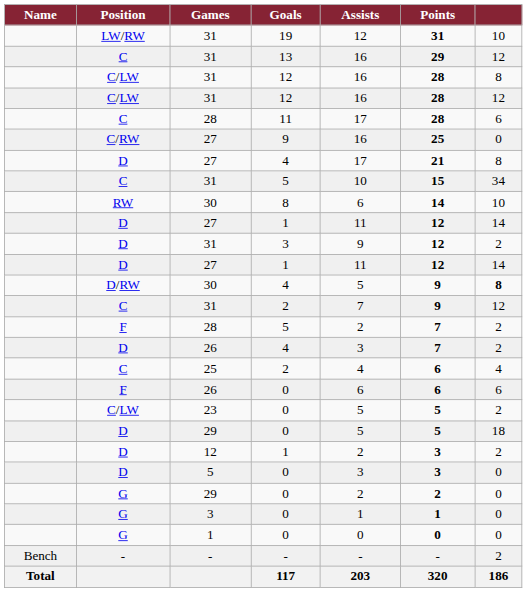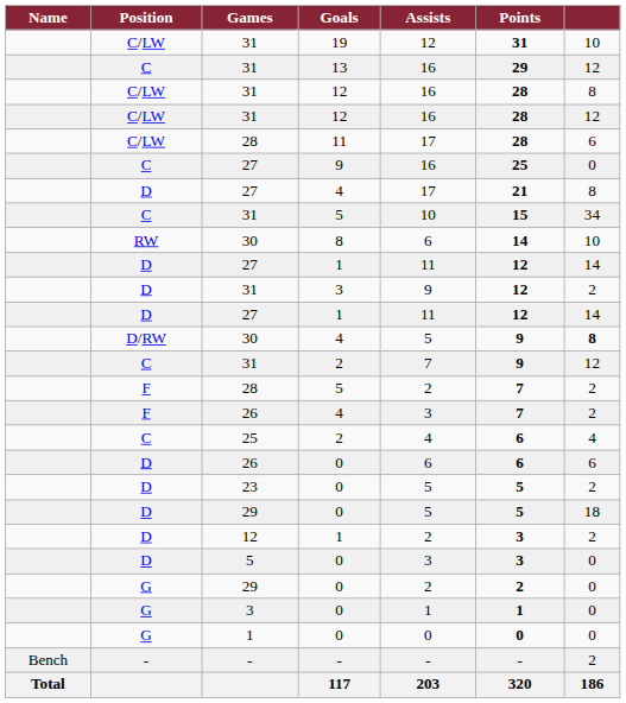 <table class="wikitable sortable" width ="50%">
 <tr align="center">
 <th style="color:white; background:#862334; ">Name</th>
 <th style="color:white; background:#862334; ">Position</th>
 <th style="color:white; background:#862334; ">Games</th>
 <th style="color:white; background:#862334; ">Goals</th>
 <th style="color:white; background:#862334; ">Assists</th>
 <th style="color:white; background:#862334; ">Points</th>
 <th style="color:white; background:#862334; "><a href='#'></a></th>
 </tr>
 <tr align="center" bgcolor="">
 <td></td>
-<td><a href='#'>LW</a>/<a href='#'>RW</a></td>
+<td><a href='#'>C</a>/<a href='#'>LW</a></td>
 <td>31</td>
 <td>19</td>
 <td>12</td>
 <td><strong>31</strong></td>
 <td>10</td>
 </tr>
 <tr align="center" bgcolor="f0f0f0">
 <td></td>
 <td><a href='#'>C</a></td>
 <td>31</td>
 <td>13</td>
 <td>16</td>
 <td><strong>29</strong></td>
 <td>12</td>
 </tr>
 <tr align="center" bgcolor="">
 <td></td>
 <td><a href='#'>C</a>/<a href='#'>LW</a></td>
 <td>31</td>
 <td>12</td>
 <td>16</td>
 <td><strong>28</strong></td>
 <td>8</td>
 </tr>
 <tr align="center" bgcolor="f0f0f0">
 <td></td>
 <td><a href='#'>C</a>/<a href='#'>LW</a></td>
 <td>31</td>
 <td>12</td>
 <td>16</td>
 <td><strong>28</strong></td>
 <td>12</td>
 </tr>
 <tr align="center" bgcolor="">
 <td></td>
-<td><a href='#'>C</a></td>
+<td><a href='#'>C</a>/<a href='#'>LW</a></td>
 <td>28</td>
 <td>11</td>
 <td>17</td>
 <td><strong>28</strong></td>
 <td>6</td>
 </tr>
 <tr align="center" bgcolor="f0f0f0">
 <td></td>
-<td><a href='#'>C</a>/<a href='#'>RW</a></td>
+<td><a href='#'>C</a></td>
 <td>27</td>
 <td>9</td>
 <td>16</td>
 <td><strong>25</strong></td>
 <td>0</td>
 </tr>
 <tr align="center" bgcolor="">
 <td></td>
 <td><a href='#'>D</a></td>
 <td>27</td>
 <td>4</td>
 <td>17</td>
 <td><strong>21</strong></td>
 <td>8</td>
 </tr>
 <tr align="center" bgcolor="f0f0f0">
 <td></td>
 <td><a href='#'>C</a></td>
 <td>31</td>
 <td>5</td>
 <td>10</td>
 <td><strong>15</strong></td>
 <td>34</td>
 </tr>
 <tr align="center" bgcolor="">
 <td></td>
 <td><a href='#'>RW</a></td>
 <td>30</td>
 <td>8</td>
 <td>6</td>
 <td><strong>14</strong></td>
 <td>10</td>
 </tr>
 <tr align="center" bgcolor="f0f0f0">
 <td></td>
 <td><a href='#'>D</a></td>
 <td>27</td>
 <td>1</td>
 <td>11</td>
 <td><strong>12</strong></td>
 <td>14</td>
 </tr>
 <tr align="center" bgcolor="">
 <td></td>
 <td><a href='#'>D</a></td>
 <td>31</td>
 <td>3</td>
 <td>9</td>
 <td><strong>12</strong></td>
 <td>2</td>
 </tr>
 <tr align="center" bgcolor="f0f0f0">
 <td></td>
 <td><a href='#'>D</a></td>
 <td>27</td>
 <td>1</td>
 <td>11</td>
 <td><strong>12</strong></td>
 <td>14</td>
 </tr>
 <tr align="center" bgcolor="">
 <td></td>
 <td><a href='#'>D</a>/<a href='#'>RW</a></td>
 <td>30</td>
 <td>4</td>
 <td>5</td>
 <td><strong>9</strong></td>
 <td><strong>8</strong></td>
 </tr>
 <tr align="center" bgcolor="f0f0f0">
 <td></td>
 <td><a href='#'>C</a></td>
 <td>31</td>
 <td>2</td>
 <td>7</td>
 <td><strong>9</strong></td>
 <td>12</td>
 </tr>
 <tr align="center" bgcolor="">
 <td></td>
 <td><a href='#'>F</a></td>
 <td>28</td>
 <td>5</td>
 <td>2</td>
 <td><strong>7</strong></td>
 <td>2</td>
 </tr>
 <tr align="center" bgcolor="f0f0f0">
 <td></td>
-<td><a href='#'>D</a></td>
+<td><a href='#'>F</a></td>
 <td>26</td>
 <td>4</td>
 <td>3</td>
 <td><strong>7</strong></td>
 <td>2</td>
 </tr>
 <tr align="center" bgcolor="">
 <td></td>
 <td><a href='#'>C</a></td>
 <td>25</td>
 <td>2</td>
 <td>4</td>
 <td><strong>6</strong></td>
 <td>4</td>
 </tr>
 <tr align="center" bgcolor="f0f0f0">
 <td></td>
-<td><a href='#'>F</a></td>
+<td><a href='#'>D</a></td>
 <td>26</td>
 <td>0</td>
 <td>6</td>
 <td><strong>6</strong></td>
 <td>6</td>
 </tr>
 <tr align="center" bgcolor="">
 <td></td>
-<td><a href='#'>C</a>/<a href='#'>LW</a></td>
+<td><a href='#'>D</a></td>
 <td>23</td>
 <td>0</td>
 <td>5</td>
 <td><strong>5</strong></td>
 <td>2</td>
 </tr>
 <tr align="center" bgcolor="f0f0f0">
 <td></td>
 <td><a href='#'>D</a></td>
 <td>29</td>
 <td>0</td>
 <td>5</td>
 <td><strong>5</strong></td>
 <td>18</td>
 </tr>
 <tr align="center" bgcolor="">
 <td></td>
 <td><a href='#'>D</a></td>
 <td>12</td>
 <td>1</td>
 <td>2</td>
 <td><strong>3</strong></td>
 <td>2</td>
 </tr>
 <tr align="center" bgcolor="f0f0f0">
 <td></td>
 <td><a href='#'>D</a></td>
 <td>5</td>
 <td>0</td>
 <td>3</td>
 <td><strong>3</strong></td>
 <td>0</td>
 </tr>
 <tr align="center" bgcolor="">
 <td></td>
 <td><a href='#'>G</a></td>
 <td>29</td>
 <td>0</td>
 <td>2</td>
 <td><strong>2</strong></td>
 <td>0</td>
 </tr>
 <tr align="center" bgcolor="f0f0f0">
 <td></td>
 <td><a href='#'>G</a></td>
 <td>3</td>
 <td>0</td>
 <td>1</td>
 <td><strong>1</strong></td>
 <td>0</td>
 </tr>
 <tr align="center" bgcolor="">
 <td></td>
 <td><a href='#'>G</a></td>
 <td>1</td>
 <td>0</td>
 <td>0</td>
 <td><strong>0</strong></td>
 <td>0</td>
 </tr>
 <tr align="center" bgcolor="f0f0f0">
 <td>Bench</td>
 <td>-</td>
 <td>-</td>
 <td>-</td>
 <td>-</td>
 <td>-</td>
 <td>2</td>
 </tr>
 <tr>
 <th>Total</th>
 <th></th>
 <th></th>
 <th>117</th>
 <th>203</th>
 <th>320</th>
 <th>186</th>
 </tr>
 </table>
